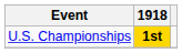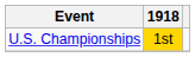 <table class="wikitable">
 <tr>
 <th>Event</th>
 <th>1918</th>
 <th></th>
 </tr>
 <tr>
 <td><a href='#'>U.S. Championships</a></td>
-<td align="center" bgcolor="gold"><strong>1st</strong></td>
+<td align="center" bgcolor="gold">1st</td>
 <td></td>
 </tr>
 <tr>
 </tr>
 </table>
